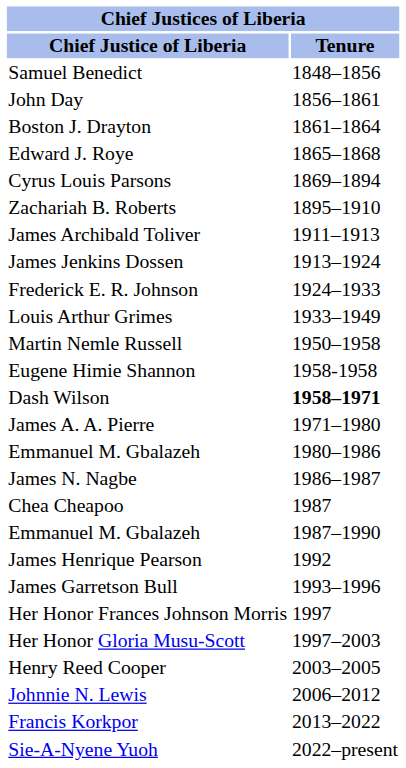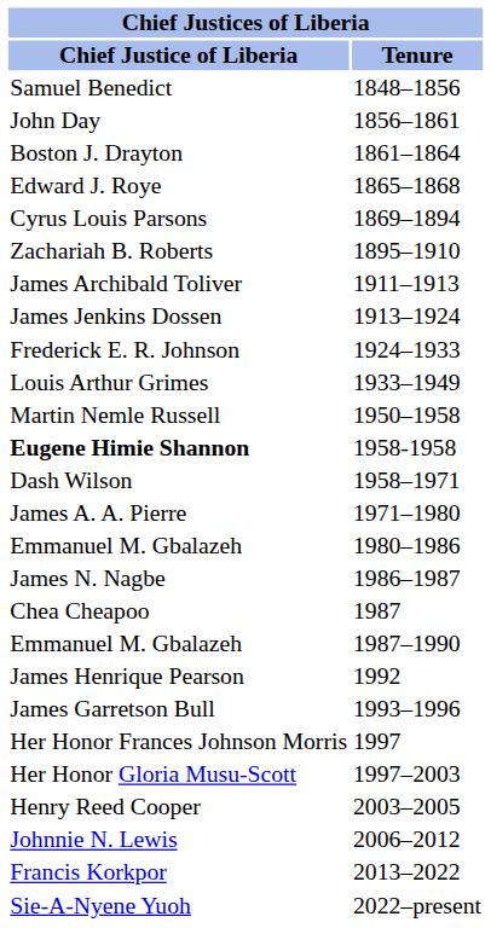 <table class="toccolours" style="clear:right; float:right; background:#ffffff; margin: 0 0 0.5em 1em; width:250">
 <tr>
 <th style="background:#A8BDEC" align="center" colspan=3>Chief Justices of Liberia</th>
 </tr>
 <tr>
 <td style="text-align:center;background:#A8BDEC"><strong>Chief Justice of Liberia</strong></td>
 <td style="text-align:center;background:#A8BDEC"><strong>Tenure</strong></td>
 </tr>
 <tr>
 <td>Samuel Benedict</td>
 <td>1848–1856</td>
 </tr>
 <tr>
 <td>John Day</td>
 <td>1856–1861</td>
 </tr>
 <tr>
 <td>Boston J. Drayton</td>
 <td>1861–1864</td>
 </tr>
 <tr>
 <td>Edward J. Roye</td>
 <td>1865–1868</td>
 </tr>
 <tr>
 <td>Cyrus Louis Parsons</td>
 <td>1869–1894</td>
 </tr>
 <tr>
 <td>Zachariah B. Roberts</td>
 <td>1895–1910</td>
 </tr>
 <tr>
 <td>James Archibald Toliver</td>
 <td>1911–1913</td>
 </tr>
 <tr>
 <td>James Jenkins Dossen</td>
 <td>1913–1924</td>
 </tr>
 <tr>
 <td>Frederick E. R. Johnson</td>
 <td>1924–1933</td>
 </tr>
 <tr>
 <td>Louis Arthur Grimes</td>
 <td>1933–1949</td>
 </tr>
 <tr>
 <td>Martin Nemle Russell</td>
 <td>1950–1958</td>
 </tr>
 <tr>
-<td>Eugene Himie Shannon</td>
+<td><strong>Eugene Himie Shannon</strong></td>
 <td>1958-1958</td>
 </tr>
 <tr>
 <td>Dash Wilson</td>
-<td><strong>1958–1971</strong></td>
+<td>1958–1971</td>
 </tr>
 <tr>
 <td>James A. A. Pierre</td>
 <td>1971–1980</td>
 </tr>
 <tr>
 <td>Emmanuel M. Gbalazeh</td>
 <td>1980–1986</td>
 </tr>
 <tr>
 <td>James N. Nagbe</td>
 <td>1986–1987</td>
 </tr>
 <tr>
 <td>Chea Cheapoo</td>
 <td>1987</td>
 </tr>
 <tr>
 <td>Emmanuel M. Gbalazeh</td>
 <td>1987–1990</td>
 </tr>
 <tr>
 <td>James Henrique Pearson</td>
 <td>1992</td>
 </tr>
 <tr>
 <td>James Garretson Bull</td>
 <td>1993–1996</td>
 </tr>
 <tr>
 <td>Her Honor Frances Johnson Morris</td>
 <td>1997</td>
 </tr>
 <tr>
 <td>Her Honor <a href='#'>Gloria Musu-Scott</a></td>
 <td>1997–2003</td>
 </tr>
 <tr>
 <td>Henry Reed Cooper</td>
 <td>2003–2005</td>
 </tr>
 <tr>
 <td><a href='#'>Johnnie N. Lewis</a></td>
 <td>2006–2012</td>
 </tr>
 <tr>
 <td><a href='#'>Francis Korkpor</a></td>
 <td>2013–2022</td>
 </tr>
 <tr>
 <td><a href='#'>Sie-A-Nyene Yuoh</a></td>
 <td>2022–present</td>
 </tr>
 </table>
